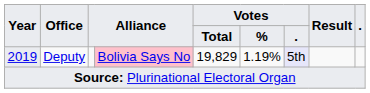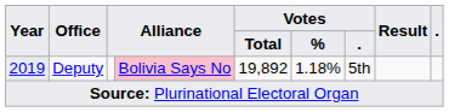 <table class="wikitable" style="font-size:90%; text-align:center;">
 <tr>
 <th style="background-color:#EAECF0;" rowspan=2>Year</th>
 <th style="background-color:#EAECF0;" rowspan=2>Office</th>
 <th style="background-color:#EAECF0;" colspan=2 rowspan=2>Alliance</th>
 <th style="background-color:#EAECF0;" colspan=3>Votes</th>
 <th style="background-color:#EAECF0;" rowspan=2>Result</th>
 <th style="background-color:#EAECF0;" rowspan=2>.</th>
 </tr>
 <tr>
 <th style="background-color:#EAECF0;">Total</th>
 <th style="background-color:#EAECF0;">%</th>
 <th style="background-color:#EAECF0;">.</th>
 </tr>
 <tr>
 <td style="background-color:#EAECF0;"><a href='#'>2019</a></td>
 <td><a href='#'>Deputy</a></td>
 <td style="background-color:"></td>
 <td style="background: pink;"><a href='#'>Bolivia Says No</a></td>
-<td>19,829</td>
-<td>1.19%</td>
-<td style="background: lavender;">5th</td>
+<td>19,892</td>
+<td>1.18%</td>
+<td>5th</td>
 <td></td>
 <td></td>
 </tr>
 <tr>
 <td style="background-color:#EAECF0;" colspan=9><strong>Source:</strong> <a href='#'>Plurinational Electoral Organ</a>  </td>
 </tr>
 </table>
